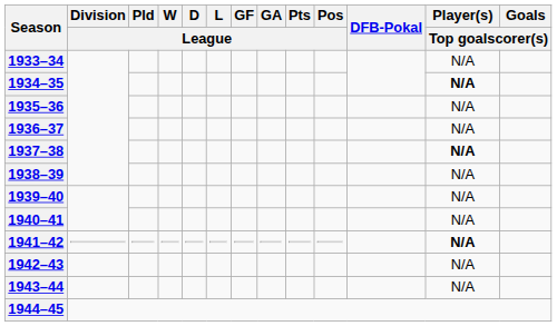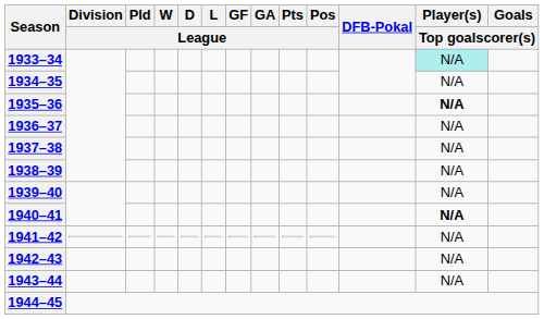 <table class="wikitable sortable" style="text-align: center">
 <tr>
 <th rowspan="2" scope="col">Season</th>
 <th scope="col">Division</th>
 <th style="width:20px;" scope="col">Pld</th>
 <th style="width:20px;" scope="col">W</th>
 <th style="width:20px;" scope="col">D</th>
 <th style="width:20px;" scope="col">L</th>
 <th style="width:20px;" scope="col">GF</th>
 <th style="width:20px;" scope="col">GA</th>
 <th style="width:20px;" scope="col">Pts</th>
 <th style="width:20px;" scope="col">Pos</th>
 <th rowspan="2" scope="col"><a href='#'>DFB-Pokal</a></th>
 <th scope="col">Player(s)</th>
 <th scope="col">Goals</th>
 </tr>
 <tr class="unsortable">
 <th colspan="9" scope="col">League</th>
 <th colspan="2" scope="col">Top goalscorer(s)</th>
 </tr>
 <tr>
 <th scope="row"><a href='#'>1933–34</a></th>
 <td style="text-align:left;" rowspan="6"></td>
 <td></td>
 <td></td>
 <td></td>
 <td></td>
 <td></td>
 <td></td>
 <td></td>
 <td></td>
 <td style="color:Grey" rowspan="2"></td>
-<td style="text-align:centre">N/A</td>
+<td style="background: paleturquoise; text-align:centre">N/A</td>
 <td></td>
 </tr>
 <tr>
 <th scope="row"><a href='#'>1934–35</a></th>
 <td></td>
 <td></td>
 <td></td>
 <td></td>
 <td></td>
 <td></td>
 <td></td>
 <td></td>
-<td style="text-align:centre"><strong>N/A</strong></td>
+<td style="text-align:centre">N/A</td>
 <td></td>
 </tr>
 <tr>
 <th scope="row"><a href='#'>1935–36</a></th>
 <td></td>
 <td></td>
 <td></td>
 <td></td>
 <td></td>
 <td></td>
 <td></td>
 <td></td>
 <td></td>
-<td style="text-align:centre">N/A</td>
+<td style="text-align:centre"><strong>N/A</strong></td>
 <td></td>
 </tr>
 <tr>
 <th scope="row"><a href='#'>1936–37</a></th>
 <td></td>
 <td></td>
 <td></td>
 <td></td>
 <td></td>
 <td></td>
 <td></td>
 <td></td>
 <td></td>
 <td style="text-align:centre">N/A</td>
 <td></td>
 </tr>
 <tr>
 <th scope="row"><a href='#'>1937–38</a></th>
 <td></td>
 <td></td>
 <td></td>
 <td></td>
 <td></td>
 <td></td>
 <td></td>
 <td></td>
 <td></td>
-<td style="text-align:centre"><strong>N/A</strong></td>
+<td style="text-align:centre">N/A</td>
 <td></td>
 </tr>
 <tr>
 <th scope="row"><a href='#'>1938–39</a></th>
 <td></td>
 <td></td>
 <td></td>
 <td></td>
 <td></td>
 <td></td>
 <td></td>
 <td></td>
 <td></td>
 <td style="text-align:centre">N/A</td>
 <td></td>
 </tr>
 <tr>
 <th scope="row"><a href='#'>1939–40</a></th>
 <td style="text-align:left;" rowspan="2"></td>
 <td></td>
 <td></td>
 <td></td>
 <td></td>
 <td></td>
 <td></td>
 <td></td>
 <td></td>
 <td></td>
 <td style="text-align:centre">N/A</td>
 <td></td>
 </tr>
 <tr>
 <th scope="row"><a href='#'>1940–41</a></th>
 <td></td>
 <td></td>
 <td></td>
 <td></td>
 <td></td>
 <td></td>
 <td></td>
 <td></td>
 <td></td>
-<td style="text-align:centre">N/A</td>
+<td style="text-align:centre"><strong>N/A</strong></td>
 <td></td>
 </tr>
 <tr>
 <th scope="row"><a href='#'>1941–42</a></th>
 <td style="text-align:left;"><hr><div></div></td>
 <td><hr><div></div></td>
 <td><hr><div></div></td>
 <td><hr><div></div></td>
 <td><hr><div></div></td>
 <td><hr><div></div></td>
 <td><hr><div></div></td>
 <td><hr><div></div></td>
 <td><hr><div></div></td>
 <td></td>
-<td style="text-align:centre"><strong>N/A</strong></td>
+<td style="text-align:centre">N/A</td>
 <td></td>
 </tr>
 <tr>
 <th scope="row"><a href='#'>1942–43</a></th>
 <td style="text-align:left;"></td>
 <td></td>
 <td></td>
 <td></td>
 <td></td>
 <td></td>
 <td></td>
 <td></td>
 <td></td>
 <td></td>
 <td style="text-align:centre">N/A</td>
 <td></td>
 </tr>
 <tr>
 <th scope="row"><a href='#'>1943–44</a></th>
 <td style="text-align:left;"></td>
 <td></td>
 <td></td>
 <td></td>
 <td></td>
 <td></td>
 <td></td>
 <td></td>
 <td></td>
 <td></td>
 <td style="text-align:centre">N/A</td>
 <td></td>
 </tr>
 <tr>
 <th scope="row"><a href='#'>1944–45</a></th>
 <td style="text-align:center;" colspan="12"></td>
 </tr>
 </table>
